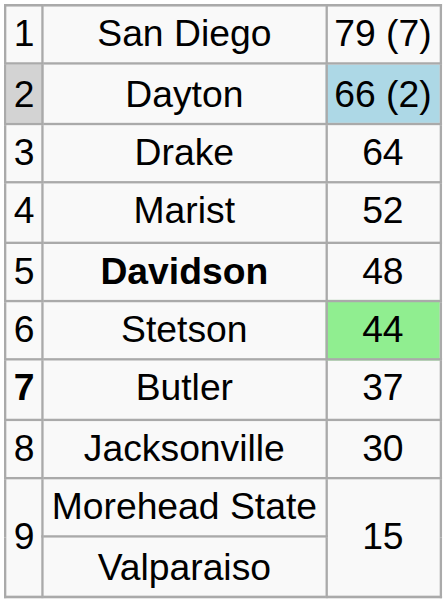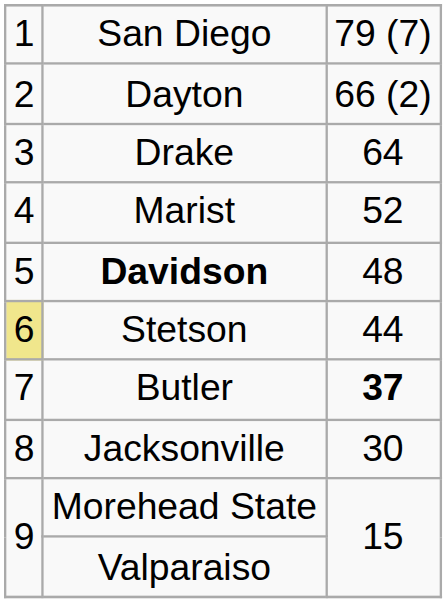 <table class="wikitable">
 <tr align="center">
 </tr>
 <tr align="center">
 <td>1</td>
 <td>San Diego</td>
 <td>79 (7)</td>
 </tr>
 <tr align="center">
-<td style="background: lightgrey;">2</td>
+<td>2</td>
 <td>Dayton</td>
-<td style="background: lightblue;">66 (2)</td>
+<td>66 (2)</td>
 </tr>
 <tr align="center">
 <td>3</td>
 <td>Drake</td>
 <td>64</td>
 </tr>
 <tr align="center">
 <td>4</td>
 <td>Marist</td>
 <td>52</td>
 </tr>
 <tr align="center">
 <td>5</td>
 <td><strong>Davidson</strong></td>
 <td>48</td>
 </tr>
 <tr align="center">
-<td>6</td>
+<td style="background: khaki;">6</td>
 <td>Stetson</td>
-<td style="background: lightgreen;">44</td>
+<td>44</td>
 </tr>
 <tr align="center">
-<td><strong>7</strong></td>
+<td>7</td>
 <td>Butler</td>
-<td>37</td>
+<td><strong>37</strong></td>
 </tr>
 <tr align="center">
 <td>8</td>
 <td>Jacksonville</td>
 <td>30</td>
 </tr>
 <tr align="center">
 <td rowspan=2>9</td>
 <td>Morehead State</td>
 <td rowspan=2>15</td>
 </tr>
 <tr align="center">
 <td>Valparaiso</td>
 </tr>
 <tr>
 </tr>
 </table>
